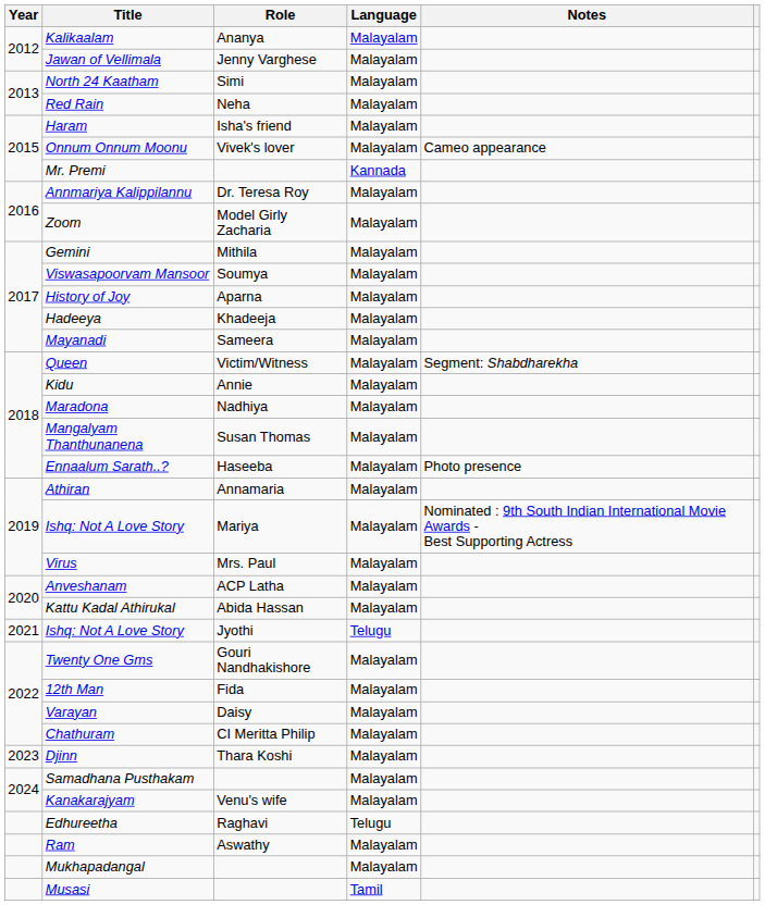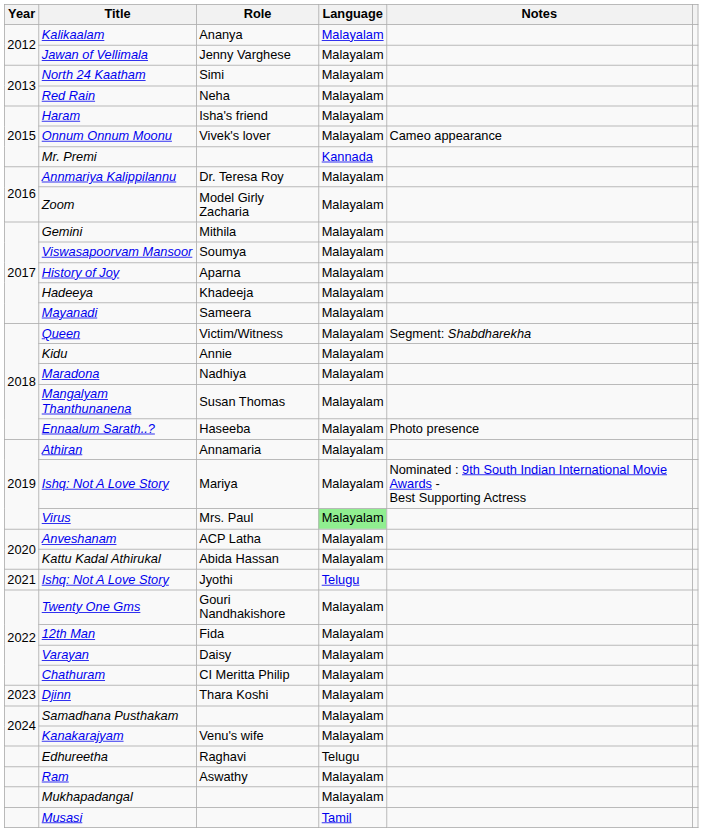 <table class="wikitable">
 <tr>
 <th>Year</th>
 <th>Title</th>
 <th>Role</th>
 <th>Language</th>
 <th>Notes</th>
 <th></th>
 </tr>
 <tr>
 <td rowspan="2">2012</td>
 <td><em><a href='#'>Kalikaalam</a></em></td>
 <td>Ananya</td>
 <td><a href='#'>Malayalam</a></td>
 <td></td>
 <td></td>
 </tr>
 <tr>
 <td><em><a href='#'>Jawan of Vellimala</a></em></td>
 <td>Jenny Varghese</td>
 <td>Malayalam</td>
 <td></td>
 <td></td>
 </tr>
 <tr>
 <td rowspan="2">2013</td>
 <td><em><a href='#'>North 24 Kaatham</a></em></td>
 <td>Simi</td>
 <td>Malayalam</td>
 <td></td>
 <td></td>
 </tr>
 <tr>
 <td><em><a href='#'>Red Rain</a></em></td>
 <td>Neha</td>
 <td>Malayalam</td>
 <td></td>
 <td></td>
 </tr>
 <tr>
 <td rowspan="3">2015</td>
 <td><em><a href='#'>Haram</a></em></td>
 <td>Isha's friend</td>
 <td>Malayalam</td>
 <td></td>
 <td></td>
 </tr>
 <tr>
 <td><em><a href='#'>Onnum Onnum Moonu</a></em></td>
 <td>Vivek's lover</td>
 <td>Malayalam</td>
 <td>Cameo appearance</td>
 <td></td>
 </tr>
 <tr>
 <td><em>Mr. Premi</em></td>
 <td></td>
 <td><a href='#'>Kannada</a></td>
 <td></td>
 <td></td>
 </tr>
 <tr>
 <td rowspan="2">2016</td>
 <td><em><a href='#'>Annmariya Kalippilannu</a></em></td>
 <td>Dr. Teresa Roy</td>
 <td>Malayalam</td>
 <td></td>
 <td></td>
 </tr>
 <tr>
 <td><em>Zoom</em></td>
 <td>Model Girly Zacharia</td>
 <td>Malayalam</td>
 <td></td>
 <td></td>
 </tr>
 <tr>
 <td rowspan="5">2017</td>
 <td><em>Gemini</em></td>
 <td>Mithila</td>
 <td>Malayalam</td>
 <td></td>
 <td></td>
 </tr>
 <tr>
 <td><em><a href='#'>Viswasapoorvam Mansoor</a></em></td>
 <td>Soumya</td>
 <td>Malayalam</td>
 <td></td>
 <td></td>
 </tr>
 <tr>
 <td><em><a href='#'>History of Joy</a></em></td>
 <td>Aparna</td>
 <td>Malayalam</td>
 <td></td>
 <td></td>
 </tr>
 <tr>
 <td><em>Hadeeya</em></td>
 <td>Khadeeja</td>
 <td>Malayalam</td>
 <td></td>
 <td></td>
 </tr>
 <tr>
 <td><em><a href='#'>Mayanadi</a></em></td>
 <td>Sameera</td>
 <td>Malayalam</td>
 <td></td>
 <td></td>
 </tr>
 <tr>
 <td rowspan="5">2018</td>
 <td><em><a href='#'>Queen</a></em></td>
 <td>Victim/Witness</td>
 <td>Malayalam</td>
 <td>Segment: <em>Shabdharekha</em></td>
 <td></td>
 </tr>
 <tr>
 <td><em>Kidu</em></td>
 <td>Annie</td>
 <td>Malayalam</td>
 <td></td>
 <td></td>
 </tr>
 <tr>
 <td><a href='#'><em>Maradona</em></a></td>
 <td>Nadhiya</td>
 <td>Malayalam</td>
 <td></td>
 <td></td>
 </tr>
 <tr>
 <td><em><a href='#'>Mangalyam Thanthunanena</a></em></td>
 <td>Susan Thomas</td>
 <td>Malayalam</td>
 <td></td>
 <td></td>
 </tr>
 <tr>
 <td><em><a href='#'>Ennaalum Sarath..?</a></em></td>
 <td>Haseeba</td>
 <td>Malayalam</td>
 <td>Photo presence</td>
 </tr>
 <tr>
 <td rowspan="3">2019</td>
 <td><em><a href='#'>Athiran</a></em></td>
 <td>Annamaria</td>
 <td>Malayalam</td>
 <td></td>
 <td></td>
 </tr>
 <tr>
 <td><em><a href='#'>Ishq: Not A Love Story</a></em></td>
 <td>Mariya</td>
 <td>Malayalam</td>
 <td>Nominated : <a href='#'>9th South Indian International Movie Awards</a> - <br>Best Supporting Actress</td>
 <td></td>
 </tr>
 <tr>
 <td><em><a href='#'>Virus</a></em></td>
 <td>Mrs. Paul</td>
-<td>Malayalam</td>
+<td style="background: lightgreen;">Malayalam</td>
 <td></td>
 <td></td>
 </tr>
 <tr>
 <td rowspan="2">2020</td>
 <td><em><a href='#'>Anveshanam</a></em></td>
 <td>ACP Latha</td>
 <td>Malayalam</td>
 <td></td>
 <td></td>
 </tr>
 <tr>
 <td><em>Kattu Kadal Athirukal</em></td>
 <td>Abida Hassan</td>
 <td>Malayalam</td>
 <td></td>
 <td></td>
 </tr>
 <tr>
 <td>2021</td>
 <td><em><a href='#'>Ishq: Not A Love Story</a></em></td>
 <td>Jyothi</td>
 <td><a href='#'>Telugu</a></td>
 <td></td>
 <td></td>
 </tr>
 <tr>
 <td rowspan="4">2022</td>
 <td><em><a href='#'>Twenty One Gms</a></em></td>
 <td>Gouri Nandhakishore</td>
 <td>Malayalam</td>
 <td></td>
 <td></td>
 </tr>
 <tr>
 <td><em><a href='#'>12th Man</a></em></td>
 <td>Fida</td>
 <td>Malayalam</td>
 <td></td>
 <td></td>
 </tr>
 <tr>
 <td><em><a href='#'>Varayan</a></em></td>
 <td>Daisy</td>
 <td>Malayalam</td>
 <td></td>
 <td></td>
 </tr>
 <tr>
 <td><em><a href='#'>Chathuram</a></em></td>
 <td>CI Meritta Philip</td>
 <td>Malayalam</td>
 <td></td>
 <td></td>
 </tr>
 <tr>
 <td>2023</td>
 <td><em><a href='#'>Djinn</a></em></td>
 <td>Thara Koshi</td>
 <td>Malayalam</td>
 <td></td>
 <td></td>
 </tr>
 <tr>
 <td rowspan=2>2024</td>
 <td><em>Samadhana Pusthakam</em></td>
 <td></td>
 <td>Malayalam</td>
 <td></td>
 <td></td>
 </tr>
 <tr>
 <td><em><a href='#'>Kanakarajyam</a></em></td>
 <td>Venu's wife</td>
 <td>Malayalam</td>
 <td></td>
 <td></td>
 </tr>
 <tr>
 <td></td>
 <td><em>Edhureetha</em></td>
 <td>Raghavi</td>
 <td>Telugu</td>
 <td></td>
 <td></td>
 </tr>
 <tr>
 <td></td>
 <td><em><a href='#'>Ram</a></em></td>
 <td>Aswathy</td>
 <td>Malayalam</td>
 <td></td>
 <td></td>
 </tr>
 <tr>
 <td></td>
 <td><em>Mukhapadangal</em></td>
 <td></td>
 <td>Malayalam</td>
 <td></td>
 <td></td>
 </tr>
 <tr>
 <td></td>
 <td><em><a href='#'>Musasi</a></em></td>
 <td></td>
 <td><a href='#'>Tamil</a></td>
 <td></td>
 <td></td>
 </tr>
 </table>
